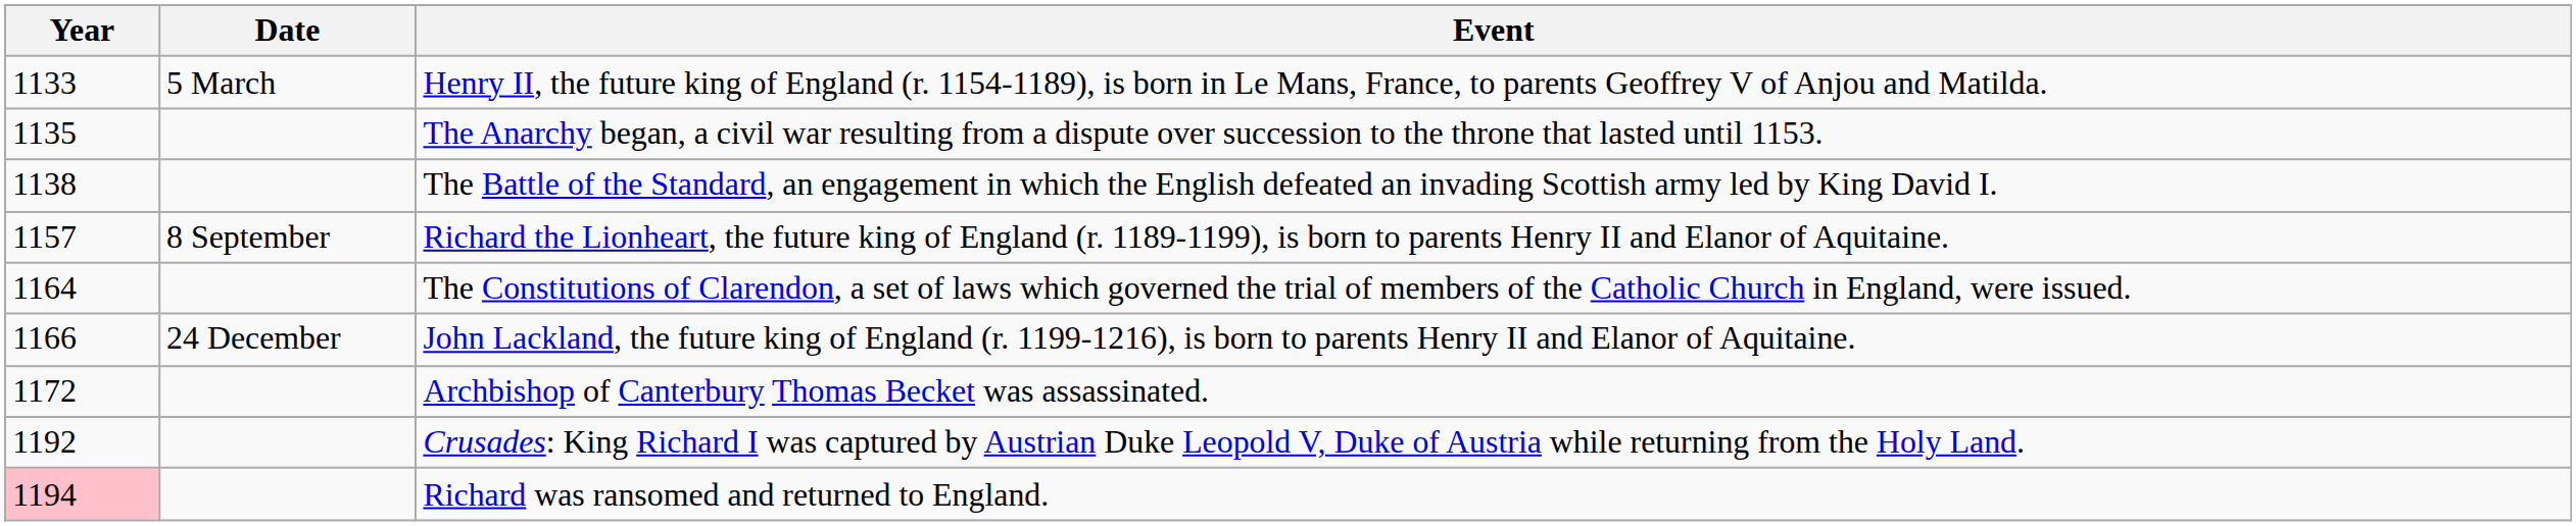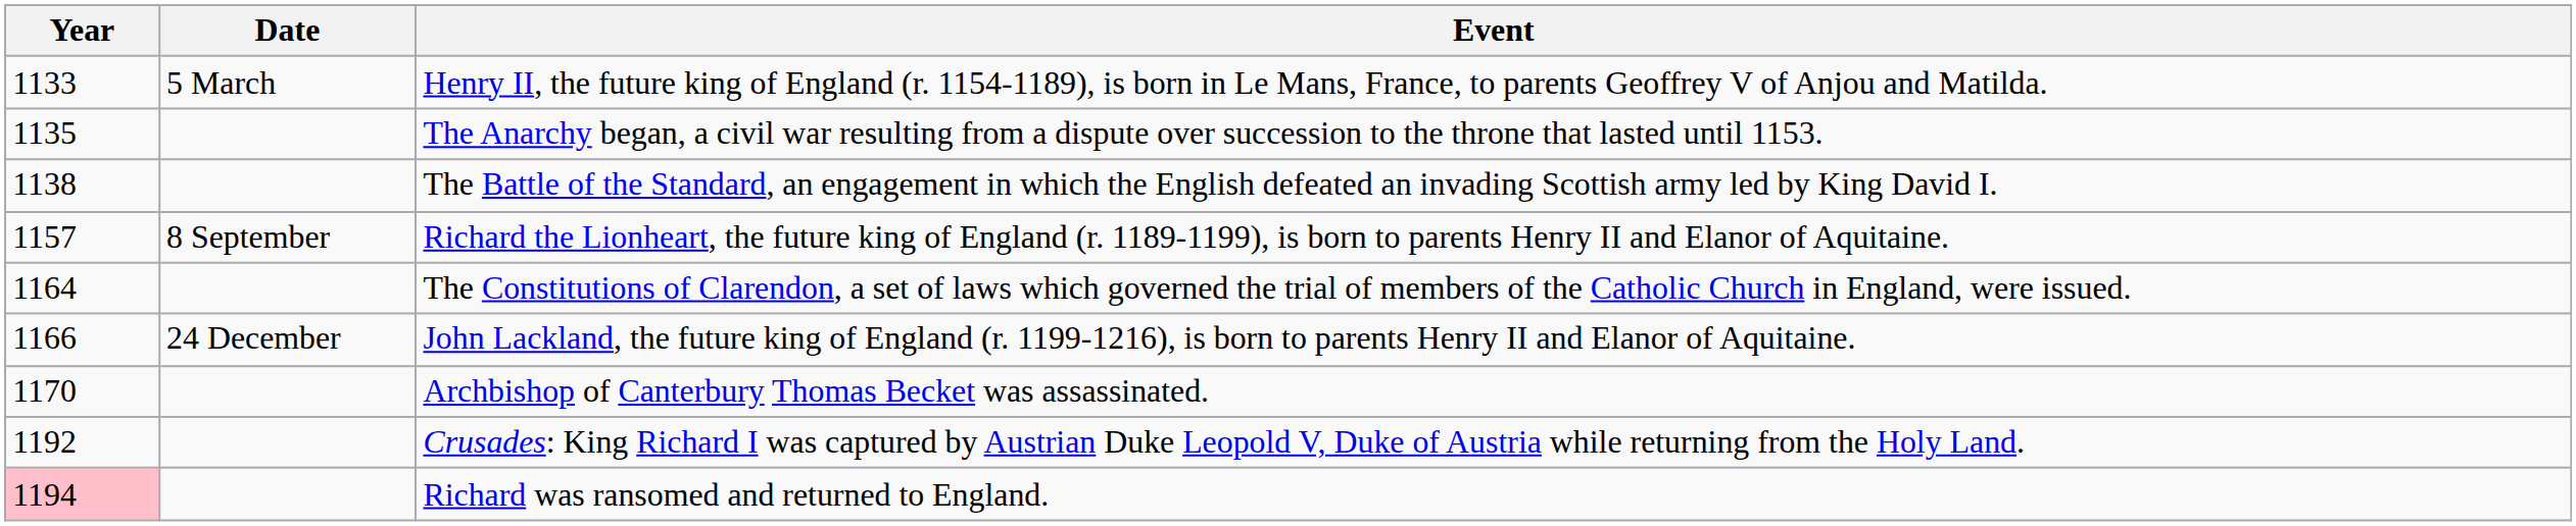 <table class="wikitable" width="100%">
 <tr>
 <th style="width:6%">Year</th>
 <th style="width:10%">Date</th>
 <th>Event</th>
 </tr>
 <tr>
 <td>1133</td>
 <td>5 March</td>
 <td><a href='#'>Henry II</a>, the future king of England (r. 1154-1189), is born in Le Mans, France, to parents Geoffrey V of Anjou and Matilda.</td>
 </tr>
 <tr>
 <td>1135</td>
 <td></td>
 <td><a href='#'>The Anarchy</a> began, a civil war resulting from a dispute over succession to the throne that lasted until 1153.</td>
 </tr>
 <tr>
 <td>1138</td>
 <td></td>
 <td>The <a href='#'>Battle of the Standard</a>, an engagement in which the English defeated an invading Scottish army led by King David I.</td>
 </tr>
 <tr>
 <td>1157</td>
 <td>8 September</td>
 <td><a href='#'>Richard the Lionheart</a>, the future king of England (r. 1189-1199), is born to parents Henry II and Elanor of Aquitaine.</td>
 </tr>
 <tr>
 <td>1164</td>
 <td></td>
 <td>The <a href='#'>Constitutions of Clarendon</a>, a set of laws which governed the trial of members of the <a href='#'>Catholic Church</a> in England, were issued.</td>
 </tr>
 <tr>
 <td>1166</td>
 <td>24 December</td>
 <td><a href='#'>John Lackland</a>, the future king of England (r. 1199-1216), is born to parents Henry II and Elanor of Aquitaine.</td>
 </tr>
 <tr>
-<td>1172</td>
+<td>1170</td>
 <td></td>
 <td><a href='#'>Archbishop</a> of <a href='#'>Canterbury</a> <a href='#'>Thomas Becket</a> was assassinated.</td>
 </tr>
 <tr>
 <td>1192</td>
 <td></td>
 <td><em><a href='#'>Crusades</a></em>: King <a href='#'>Richard I</a> was captured by <a href='#'>Austrian</a> Duke <a href='#'>Leopold V, Duke of Austria</a> while returning from the <a href='#'>Holy Land</a>.</td>
 </tr>
 <tr>
 <td style="background: pink;">1194</td>
 <td></td>
 <td><a href='#'>Richard</a> was ransomed and returned to England.</td>
 </tr>
 </table>
